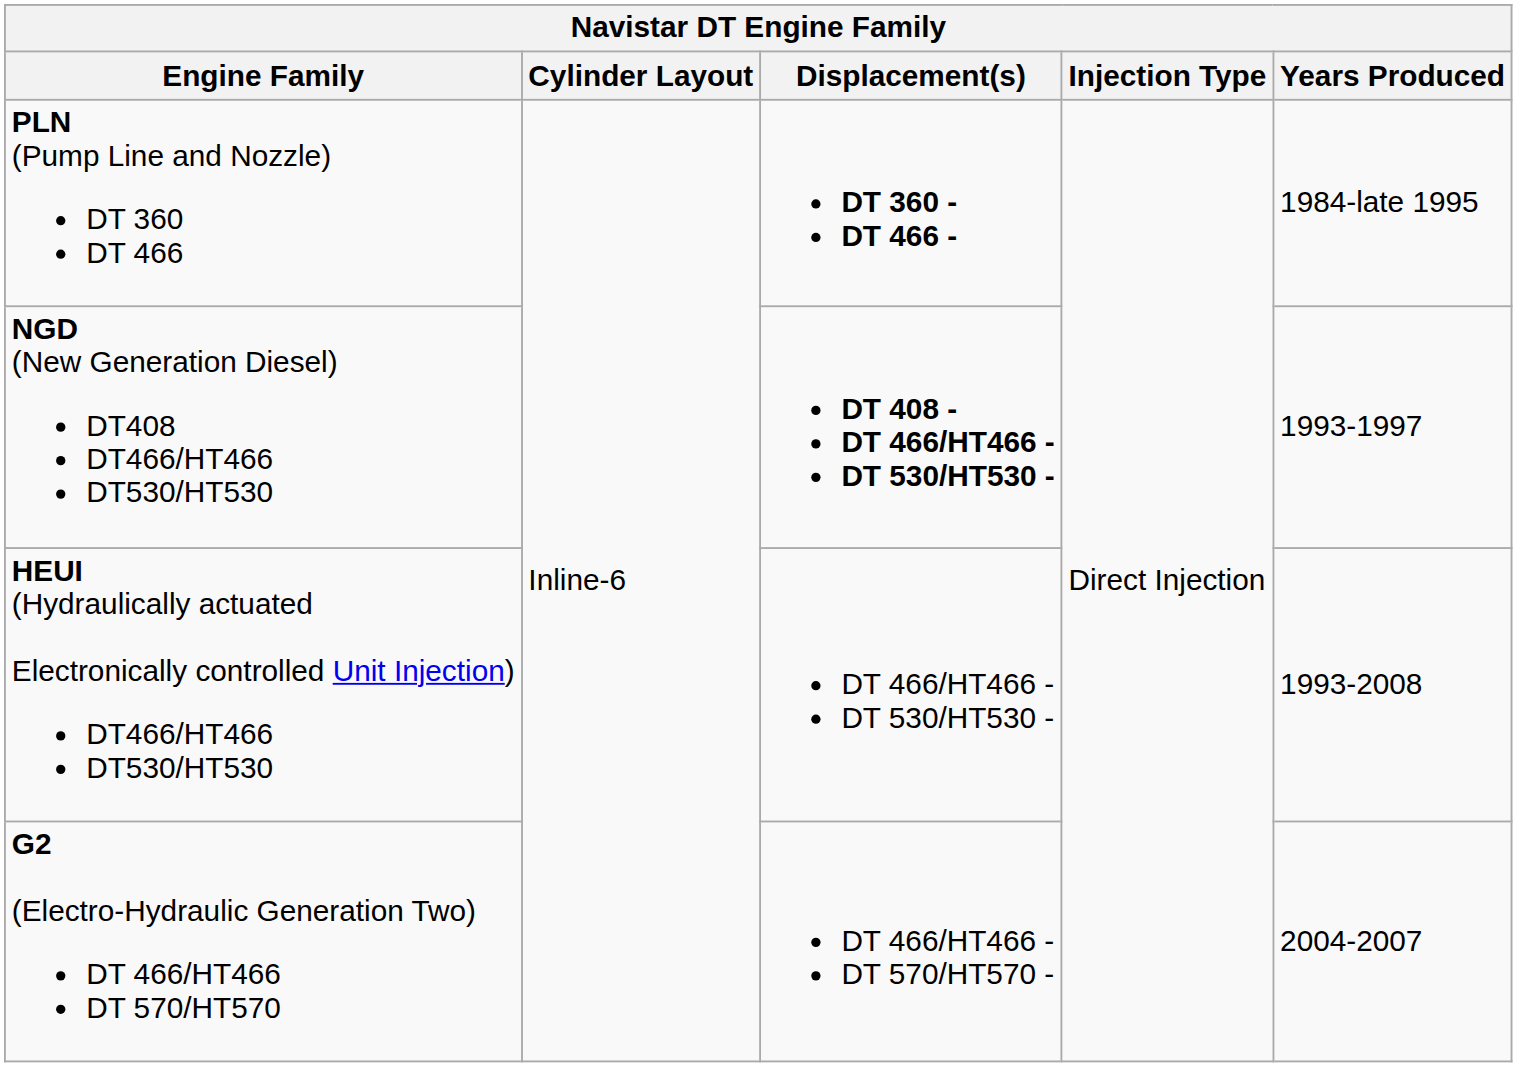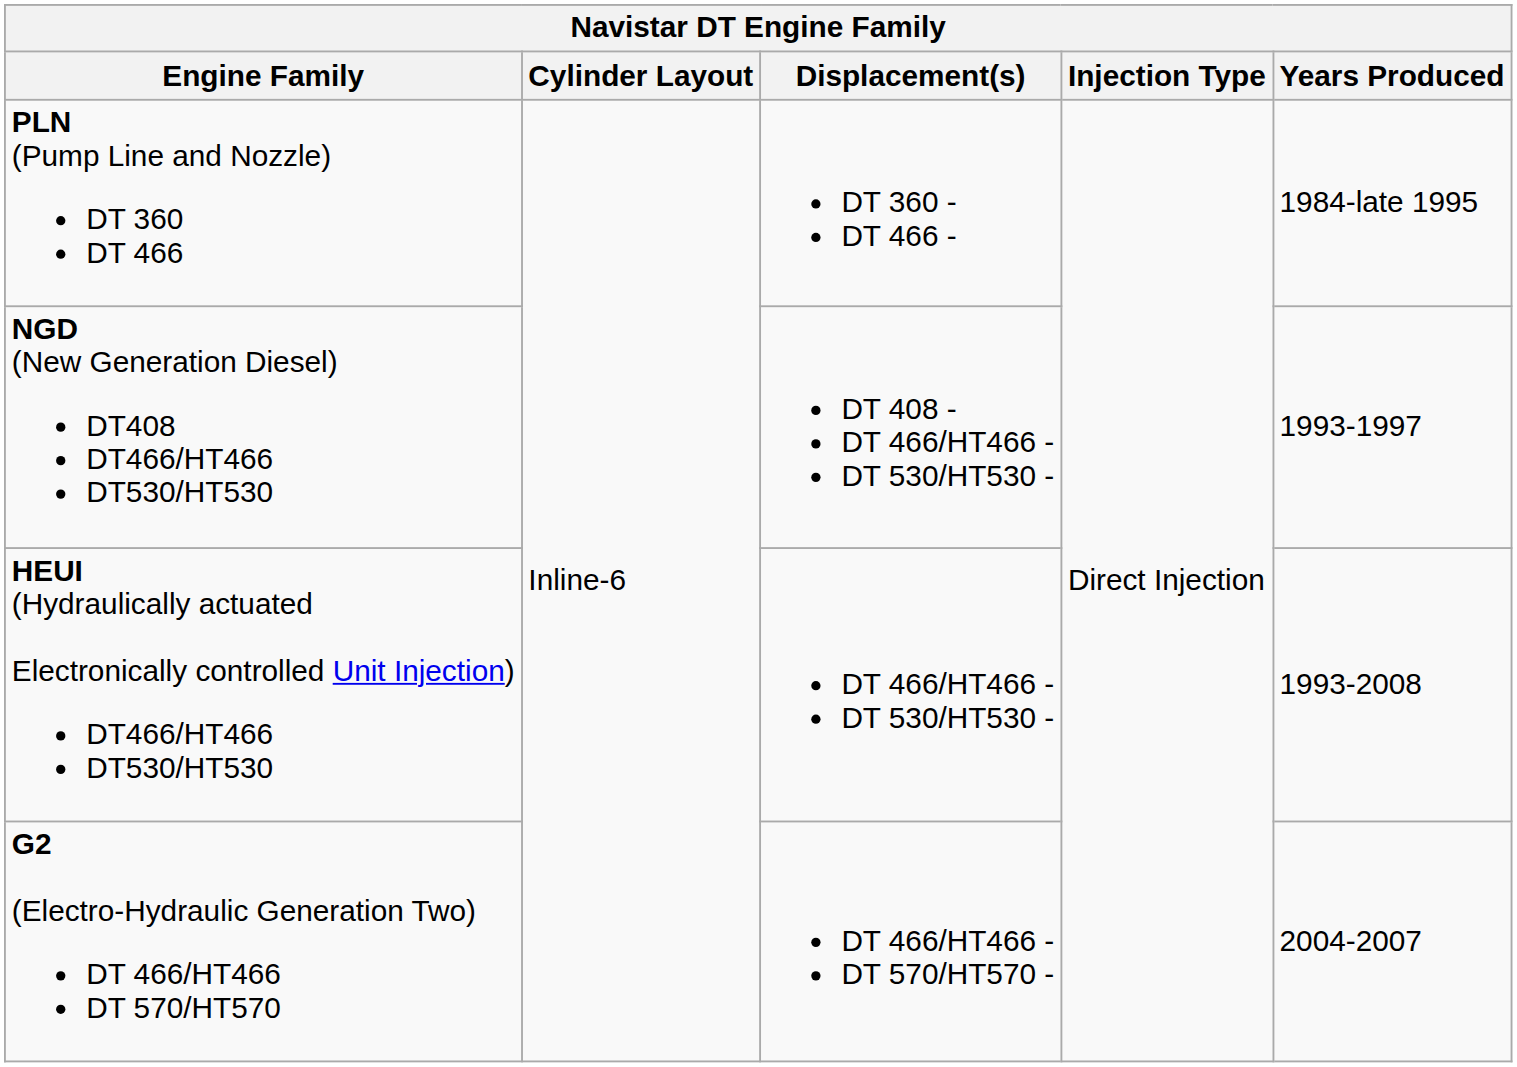 <table class="wikitable" border="1">
 <tr>
 <th Colspan=5>Navistar DT Engine Family</th>
 </tr>
 <tr>
 <th>Engine Family</th>
 <th>Cylinder Layout</th>
 <th>Displacement(s)</th>
 <th>Injection Type</th>
 <th>Years Produced</th>
 </tr>
 <tr>
 <td><strong>PLN</strong> <br>(Pump Line and Nozzle)<br><ul><li>DT 360</li><li>DT 466</li></ul></td>
 <td rowspan=4>Inline-6</td>
-<td><strong><br><ul><li>DT 360 - </li><li>DT 466 - </li></ul></strong></td>
+<td><br><ul><li>DT 360 - </li><li>DT 466 - </li></ul></td>
 <td rowspan=4>Direct Injection</td>
 <td>1984-late 1995</td>
 </tr>
 <tr>
 <td><strong>NGD</strong><br>(New Generation Diesel)<br><ul><li>DT408</li><li>DT466/HT466</li><li>DT530/HT530</li></ul></td>
-<td><strong><br><ul><li>DT 408 - </li><li>DT 466/HT466 - </li><li>DT 530/HT530 - </li></ul></strong></td>
+<td><br><ul><li>DT 408 - </li><li>DT 466/HT466 - </li><li>DT 530/HT530 - </li></ul></td>
 <td>1993-1997</td>
 </tr>
 <tr>
 <td><strong>HEUI</strong><br>(Hydraulically actuated <br><br>Electronically controlled <a href='#'>Unit Injection</a>)<ul><li>DT466/HT466</li><li>DT530/HT530</li></ul></td>
 <td><br><ul><li>DT 466/HT466 - </li><li>DT 530/HT530 - </li></ul></td>
 <td>1993-2008</td>
 </tr>
 <tr>
 <td><strong>G2</strong><br><br>(Electro-Hydraulic Generation Two)<ul><li>DT 466/HT466</li><li>DT 570/HT570</li></ul></td>
 <td><br><ul><li>DT 466/HT466 - </li><li>DT 570/HT570 - </li></ul></td>
 <td>2004-2007</td>
 </tr>
 </table>
